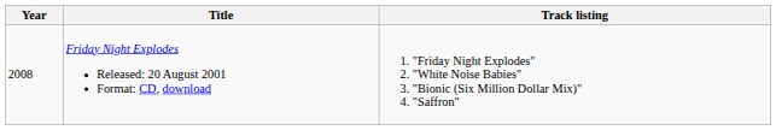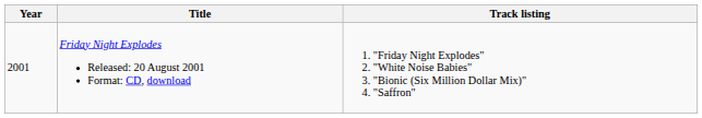 <table class="wikitable" style="width:50%">
 <tr>
 <th>Year</th>
 <th>Title</th>
 <th>Track listing</th>
 </tr>
 <tr>
-<td>2008</td>
+<td>2001</td>
 <td><em><a href='#'>Friday Night Explodes</a></em><br><ul><li>Released: 20 August 2001</li><li>Format: <a href='#'>CD</a>, <a href='#'>download</a></li></ul></td>
 <td><br><ol><li>"Friday Night Explodes"</li><li>"White Noise Babies"</li><li>"Bionic (Six Million Dollar Mix)"</li><li>"Saffron"</li></ol></td>
 </tr>
 </table>
